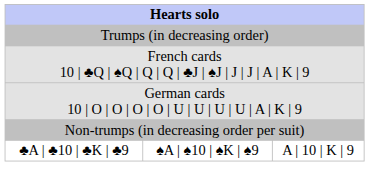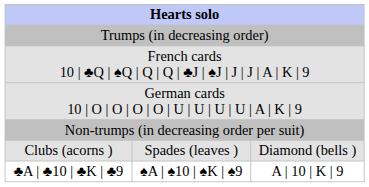 <table cellpadding="2" style="float: right; background: #c0c0c0; margin-left: 1em; border-spacing: 1px; width: 400px;">
 <tr align="center">
 <td style="background: #c0c8f8;" colspan="3"><strong>Hearts solo</strong></td>
 </tr>
 <tr align="center">
 <td colspan="3">Trumps (in decreasing order)</td>
 </tr>
 <tr align="center">
 <td colspan="3" style="background: #e3e3e3;">French cards <br> 10 | ♣Q | ♠Q | Q | Q | ♣J | ♠J | J | J | A | K | 9</td>
 </tr>
 <tr align="center">
 <td colspan="3" style="background: #e3e3e3;">German cards <br> 10 | O | O | O | O | U | U | U | U | A | K | 9</td>
 </tr>
 <tr align="center">
 <td colspan="3">Non-trumps (in decreasing order per suit)</td>
 </tr>
 <tr align="center">
+<td style="background: #e3e3e3;">Clubs (acorns )</td>
+<td style="background: #e3e3e3;">Spades (leaves )</td>
+<td style="background: #e3e3e3;">Diamond (bells )</td>
+</tr>
+<tr align="center">
 <td style="background: #ffffff;">♣A | ♣10 | ♣K | ♣9</td>
 <td style="background: #ffffff;">♠A | ♠10 | ♠K | ♠9</td>
 <td style="background: #ffffff;">A | 10 | K | 9</td>
 </tr>
 </table>
